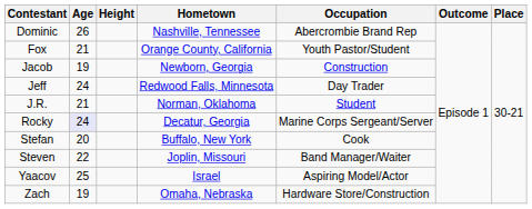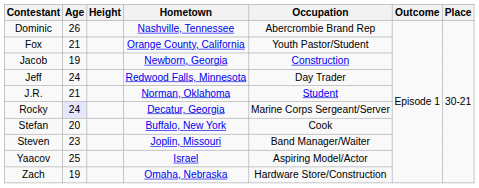 <table class="wikitable sortable" style="text-align:center;">
 <tr>
 <th>Contestant</th>
 <th>Age</th>
 <th>Height</th>
 <th>Hometown</th>
 <th>Occupation</th>
 <th>Outcome</th>
 <th>Place</th>
 </tr>
 <tr>
 <td>Dominic</td>
 <td>26</td>
 <td></td>
 <td><a href='#'>Nashville, Tennessee</a></td>
 <td>Abercrombie Brand Rep</td>
 <td rowspan=10>Episode 1</td>
 <td rowspan=10>30-21</td>
 </tr>
 <tr>
 <td>Fox</td>
 <td>21</td>
 <td></td>
 <td><a href='#'>Orange County, California</a></td>
 <td>Youth Pastor/Student</td>
 </tr>
 <tr>
 <td>Jacob</td>
 <td>19</td>
 <td></td>
 <td><a href='#'>Newborn, Georgia</a></td>
 <td><a href='#'>Construction</a></td>
 </tr>
 <tr>
 <td>Jeff</td>
 <td>24</td>
 <td></td>
 <td><a href='#'>Redwood Falls, Minnesota</a></td>
 <td>Day Trader</td>
 </tr>
 <tr>
 <td>J.R.</td>
 <td>21</td>
 <td></td>
 <td><a href='#'>Norman, Oklahoma</a></td>
 <td><a href='#'>Student</a></td>
 </tr>
 <tr>
 <td>Rocky</td>
 <td style="background: lavender;">24</td>
 <td></td>
 <td><a href='#'>Decatur, Georgia</a></td>
 <td>Marine Corps Sergeant/Server</td>
 </tr>
 <tr>
 <td>Stefan</td>
 <td>20</td>
 <td></td>
 <td><a href='#'>Buffalo, New York</a></td>
 <td>Cook</td>
 </tr>
 <tr>
 <td>Steven</td>
-<td>22</td>
+<td>23</td>
 <td></td>
 <td><a href='#'>Joplin, Missouri</a></td>
 <td>Band Manager/Waiter</td>
 </tr>
 <tr>
 <td>Yaacov</td>
 <td>25</td>
 <td></td>
 <td><a href='#'>Israel</a></td>
 <td>Aspiring Model/Actor</td>
 </tr>
 <tr>
 <td>Zach</td>
 <td>19</td>
 <td></td>
 <td><a href='#'>Omaha, Nebraska</a></td>
 <td>Hardware Store/Construction</td>
 </tr>
 </table>
